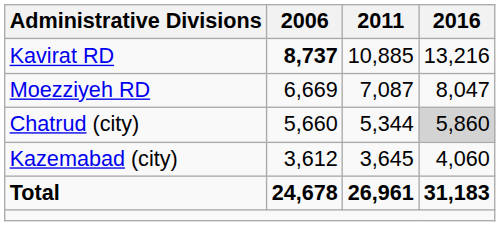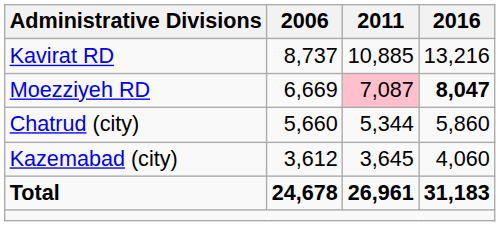 <table class="wikitable">
 <tr>
 <th>Administrative Divisions</th>
 <th>2006</th>
 <th>2011</th>
 <th>2016</th>
 </tr>
 <tr>
 <td><a href='#'>Kavirat RD</a></td>
-<td style="text-align: right;"><strong>8,737</strong></td>
+<td style="text-align: right;">8,737</td>
 <td style="text-align: right;">10,885</td>
 <td style="text-align: right;">13,216</td>
 </tr>
 <tr>
 <td><a href='#'>Moezziyeh RD</a></td>
 <td style="text-align: right;">6,669</td>
-<td style="text-align: right;">7,087</td>
-<td style="text-align: right;">8,047</td>
+<td style="background: pink; text-align: right;">7,087</td>
+<td style="text-align: right;"><strong>8,047</strong></td>
 </tr>
 <tr>
 <td><a href='#'>Chatrud</a> (city)</td>
 <td style="text-align: right;">5,660</td>
 <td style="text-align: right;">5,344</td>
-<td style="background: lightgrey; text-align: right;">5,860</td>
+<td style="text-align: right;">5,860</td>
 </tr>
 <tr>
 <td><a href='#'>Kazemabad</a> (city)</td>
 <td style="text-align: right;">3,612</td>
 <td style="text-align: right;">3,645</td>
 <td style="text-align: right;">4,060</td>
 </tr>
 <tr>
 <td><strong>Total</strong></td>
 <td style="text-align: right;"><strong>24,678</strong></td>
 <td style="text-align: right;"><strong>26,961</strong></td>
 <td style="text-align: right;"><strong>31,183</strong></td>
 </tr>
 <tr>
 <td colspan=4></td>
 </tr>
 </table>
